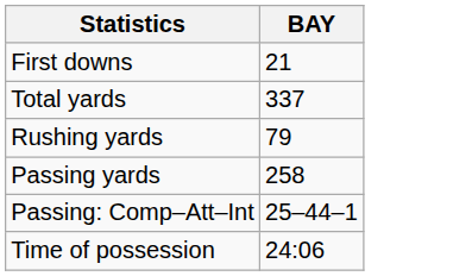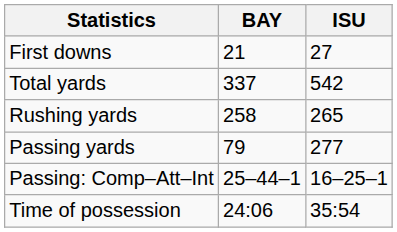 <table class="wikitable" style="float: left;">
 <tr>
 <th>Statistics</th>
 <th>BAY</th>
+<th>ISU</th>
 </tr>
 <tr>
 <td>First downs</td>
 <td>21</td>
+<td>27</td>
 </tr>
 <tr>
 <td>Total yards</td>
 <td>337</td>
+<td>542</td>
 </tr>
 <tr>
 <td>Rushing yards</td>
-<td>79</td>
+<td>258</td>
+<td>265</td>
 </tr>
 <tr>
 <td>Passing yards</td>
-<td>258</td>
+<td>79</td>
+<td>277</td>
 </tr>
 <tr>
 <td>Passing: Comp–Att–Int</td>
 <td>25–44–1</td>
+<td>16–25–1</td>
 </tr>
 <tr>
 <td>Time of possession</td>
 <td>24:06</td>
+<td>35:54</td>
 </tr>
 </table>
